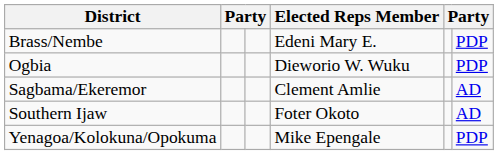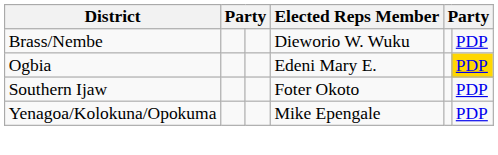 <table class="sortable wikitable" style="font-size:95%;line-height:14px;">
 <tr>
 <th class="unsortable">District</th>
 <th colspan="2">Party</th>
 <th class="unsortable">Elected Reps Member</th>
 <th colspan="2">Party</th>
 </tr>
 <tr>
 <td>Brass/Nembe</td>
 <td></td>
 <td></td>
-<td>Edeni Mary E.</td>
+<td>Dieworio W. Wuku</td>
 <td style="background:"></td>
 <td><a href='#'>PDP</a></td>
 </tr>
 <tr>
 <td>Ogbia</td>
 <td></td>
 <td></td>
-<td>Dieworio W. Wuku</td>
+<td>Edeni Mary E.</td>
 <td style="background:"></td>
-<td><a href='#'>PDP</a></td>
-</tr>
-<tr>
-<td>Sagbama/Ekeremor</td>
-<td></td>
-<td></td>
-<td>Clement Amlie</td>
-<td style="background:"></td>
-<td><a href='#'>AD</a></td>
+<td style="background: gold;"><a href='#'>PDP</a></td>
 </tr>
 <tr>
 <td>Southern Ijaw</td>
 <td></td>
 <td></td>
 <td>Foter Okoto</td>
 <td style="background:"></td>
-<td><a href='#'>AD</a></td>
+<td><a href='#'>PDP</a></td>
 </tr>
 <tr>
 <td>Yenagoa/Kolokuna/Opokuma</td>
 <td></td>
 <td></td>
 <td>Mike Epengale</td>
 <td style="background:"></td>
 <td><a href='#'>PDP</a></td>
 </tr>
 </table>
